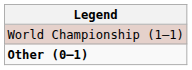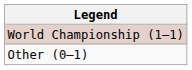 <table class="wikitable">
 <tr>
 <th>Legend</th>
 </tr>
 <tr bgcolor="#e5d1cb">
 <td>World Championship (1–1)</td>
 </tr>
 <tr bgcolor=>
-<td><strong>Other (0–1)</strong></td>
+<td>Other (0–1)</td>
 </tr>
 </table>
